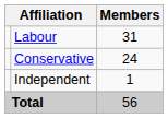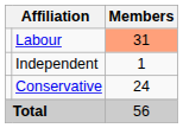 <table class="wikitable">
 <tr>
 <th colspan="2">Affiliation</th>
 <th>Members</th>
 </tr>
 <tr>
 <td style="color:inherit;background:"></td>
 <td><a href='#'>Labour</a></td>
-<td style="text-align:center;">31</td>
+<td style="background: lightsalmon; text-align:center;">31</td>
+</tr>
+<tr>
+<td style="color:inherit;background:"></td>
+<td>Independent</td>
+<td style="text-align:center;">1</td>
 </tr>
 <tr>
 <td style="color:inherit;background:"></td>
 <td><a href='#'>Conservative</a></td>
 <td style="text-align:center;">24</td>
 </tr>
-<tr>
-<td style="color:inherit;background:"></td>
-<td>Independent</td>
-<td style="text-align:center;">1</td>
-</tr>
 <tr style="background:#ccc;">
 <td colspan="2"> <strong>Total</strong></td>
 <td style="text-align:center;">56</td>
 </tr>
 </table>
